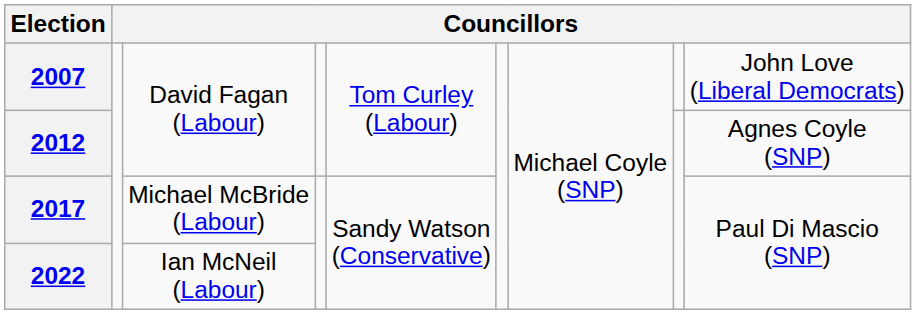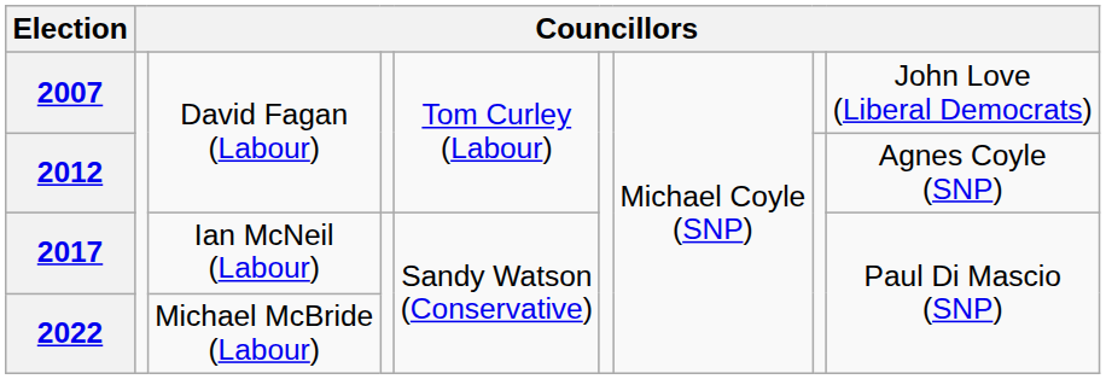 <table class="wikitable" style="text-align:center">
 <tr>
 <th>Election</th>
 <th colspan=8>Councillors</th>
 </tr>
 <tr>
 <th><a href='#'>2007</a></th>
 <td rowspan=4; style="background-color: "></td>
 <td rowspan=2>David Fagan<br>(<a href='#'>Labour</a>)</td>
 <td rowspan=2; style="background-color: "></td>
 <td rowspan=2><a href='#'>Tom Curley</a><br>(<a href='#'>Labour</a>)</td>
 <td rowspan=4; style="background-color: "></td>
 <td rowspan=4>Michael Coyle<br>(<a href='#'>SNP</a>)</td>
 <td rowspan=1; style="background-color: "></td>
 <td rowspan=1>John Love<br>(<a href='#'>Liberal Democrats</a>)</td>
 </tr>
 <tr>
 <th><a href='#'>2012</a></th>
 <td rowspan=3; style="background-color: "></td>
 <td rowspan=1>Agnes Coyle<br>(<a href='#'>SNP</a>)</td>
 </tr>
 <tr>
 <th><a href='#'>2017</a></th>
-<td rowspan=1>Michael McBride<br>(<a href='#'>Labour</a>)</td>
+<td rowspan=1>Ian McNeil<br>(<a href='#'>Labour</a>)</td>
 <td rowspan=2; style="background-color: "></td>
 <td rowspan=2>Sandy Watson<br>(<a href='#'>Conservative</a>)</td>
 <td rowspan=2>Paul Di Mascio<br>(<a href='#'>SNP</a>)</td>
 </tr>
 <tr>
 <th><a href='#'>2022</a></th>
-<td rowspan=1>Ian McNeil<br>(<a href='#'>Labour</a>)</td>
+<td rowspan=1>Michael McBride<br>(<a href='#'>Labour</a>)</td>
 </tr>
 </table>
